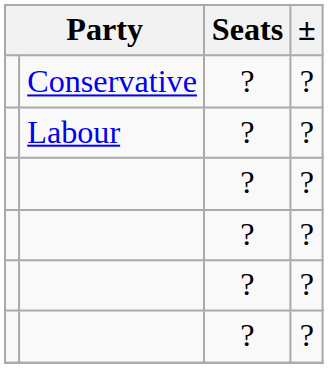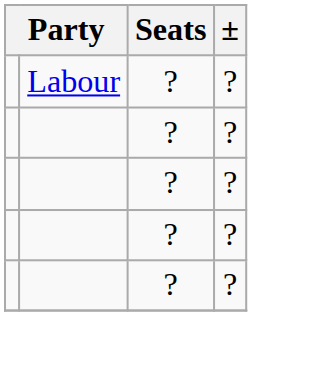 <table class="sortable wikitable">
 <tr>
 <th colspan="2">Party</th>
 <th>Seats</th>
 <th>±</th>
-</tr>
-<tr>
-<td style="background-color: "></td>
-<td><a href='#'>Conservative</a></td>
-<td align="center">?</td>
-<td align="center">?</td>
 </tr>
 <tr>
 <td style="background-color: "></td>
 <td><a href='#'>Labour</a></td>
 <td align="center">?</td>
 <td align="center">?</td>
 </tr>
 <tr>
 <td style="background-color: "></td>
 <td><a href='#'></a></td>
 <td align="center">?</td>
 <td align="center">?</td>
 </tr>
 <tr>
 <td style="background-color: "></td>
 <td><a href='#'></a></td>
 <td align="center">?</td>
 <td align="center">?</td>
 </tr>
 <tr>
 <td style="background-color: "></td>
 <td><a href='#'></a></td>
 <td align="center">?</td>
 <td align="center">?</td>
 </tr>
 <tr>
 <td style="background-color: "></td>
 <td><a href='#'></a></td>
 <td align="center">?</td>
 <td align="center">?</td>
 </tr>
 <tr>
 </tr>
 </table>
